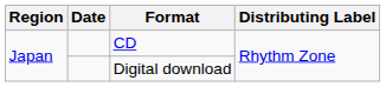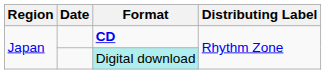 <table class="wikitable">
 <tr>
 <th>Region</th>
 <th>Date</th>
 <th>Format</th>
 <th>Distributing Label</th>
 </tr>
 <tr>
 <td rowspan="2"><a href='#'>Japan</a></td>
 <td></td>
-<td><a href='#'>CD</a></td>
+<td><strong><a href='#'>CD</a></strong></td>
 <td rowspan="2"><a href='#'>Rhythm Zone</a></td>
 </tr>
 <tr>
 <td></td>
-<td>Digital download</td>
+<td style="background: paleturquoise;">Digital download</td>
 </tr>
 </table>
